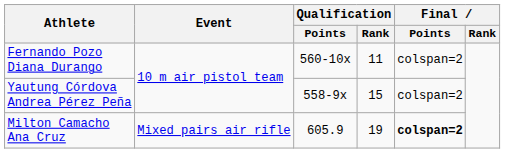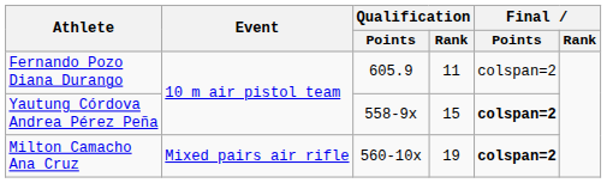 <table class=wikitable style=font-size:90%;text-align:center>
 <tr>
 <th rowspan=2>Athlete</th>
 <th rowspan=2>Event</th>
 <th colspan=2>Qualification</th>
 <th colspan=2>Final / </th>
 </tr>
 <tr style=font-size:95%>
 <th>Points</th>
 <th>Rank</th>
 <th>Points</th>
 <th>Rank</th>
 </tr>
 <tr align=center>
 <td align=left><a href='#'>Fernando Pozo</a><br><a href='#'>Diana Durango</a></td>
 <td align=left rowspan=2><a href='#'>10 m air pistol team</a></td>
-<td>560-10x</td>
+<td>605.9</td>
 <td>11</td>
 <td>colspan=2 </td>
 </tr>
 <tr align=center>
 <td align=left><a href='#'>Yautung Córdova</a><br><a href='#'>Andrea Pérez Peña</a></td>
 <td>558-9x</td>
 <td>15</td>
-<td>colspan=2 </td>
+<td><strong>colspan=2 </strong></td>
 </tr>
 <tr align=center>
 <td align=left><a href='#'>Milton Camacho</a><br><a href='#'>Ana Cruz</a></td>
 <td align=left rowspan=2><a href='#'>Mixed pairs air rifle</a></td>
-<td>605.9</td>
+<td>560-10x</td>
 <td>19</td>
 <td><strong>colspan=2 </strong></td>
 </tr>
 </table>
